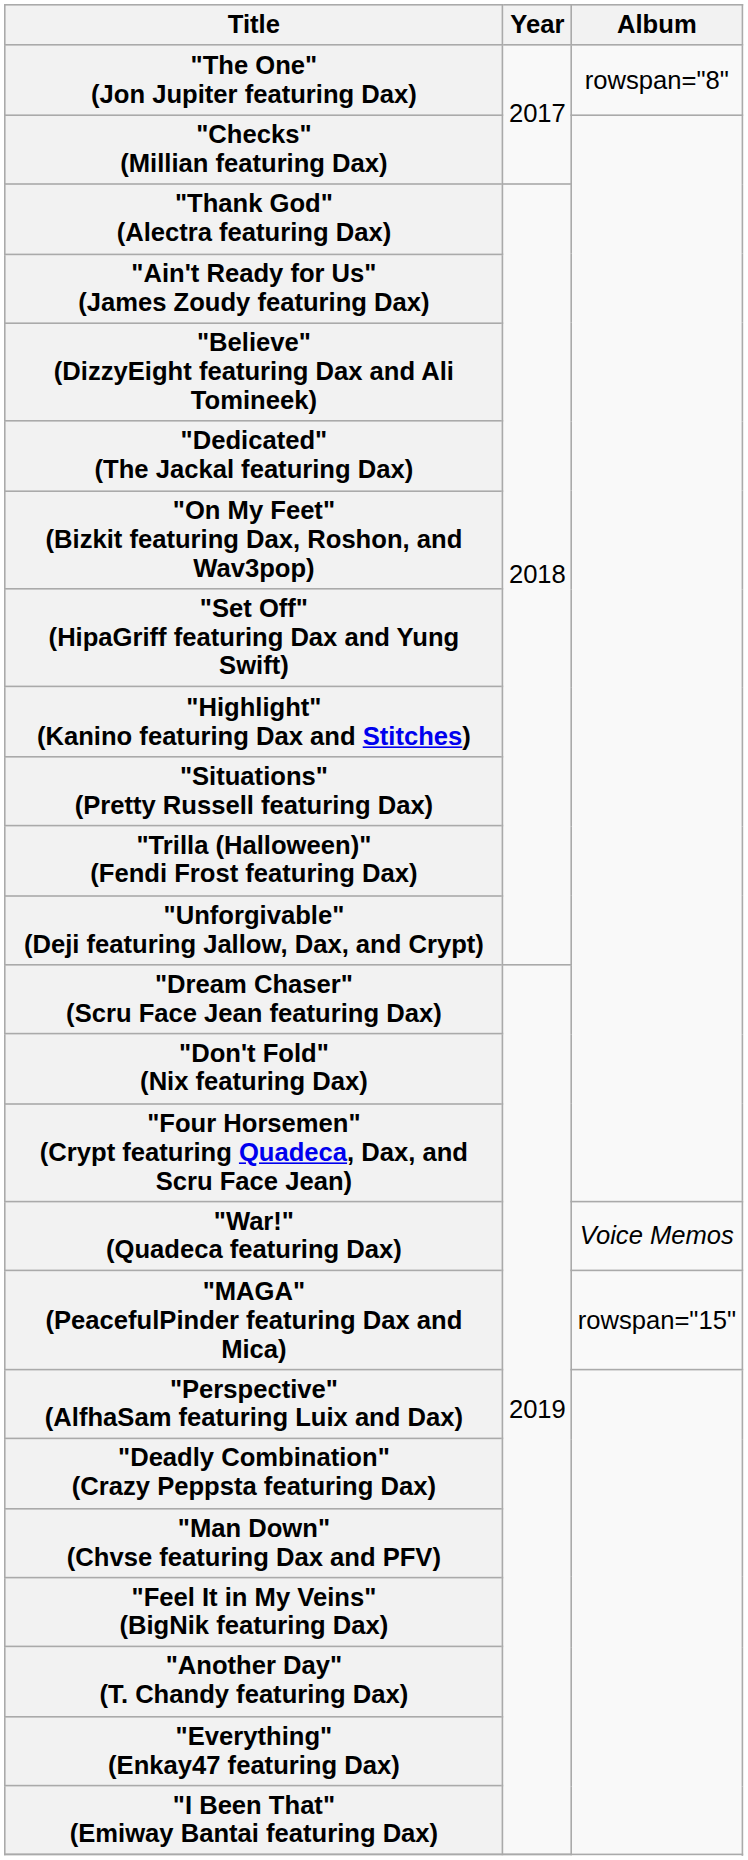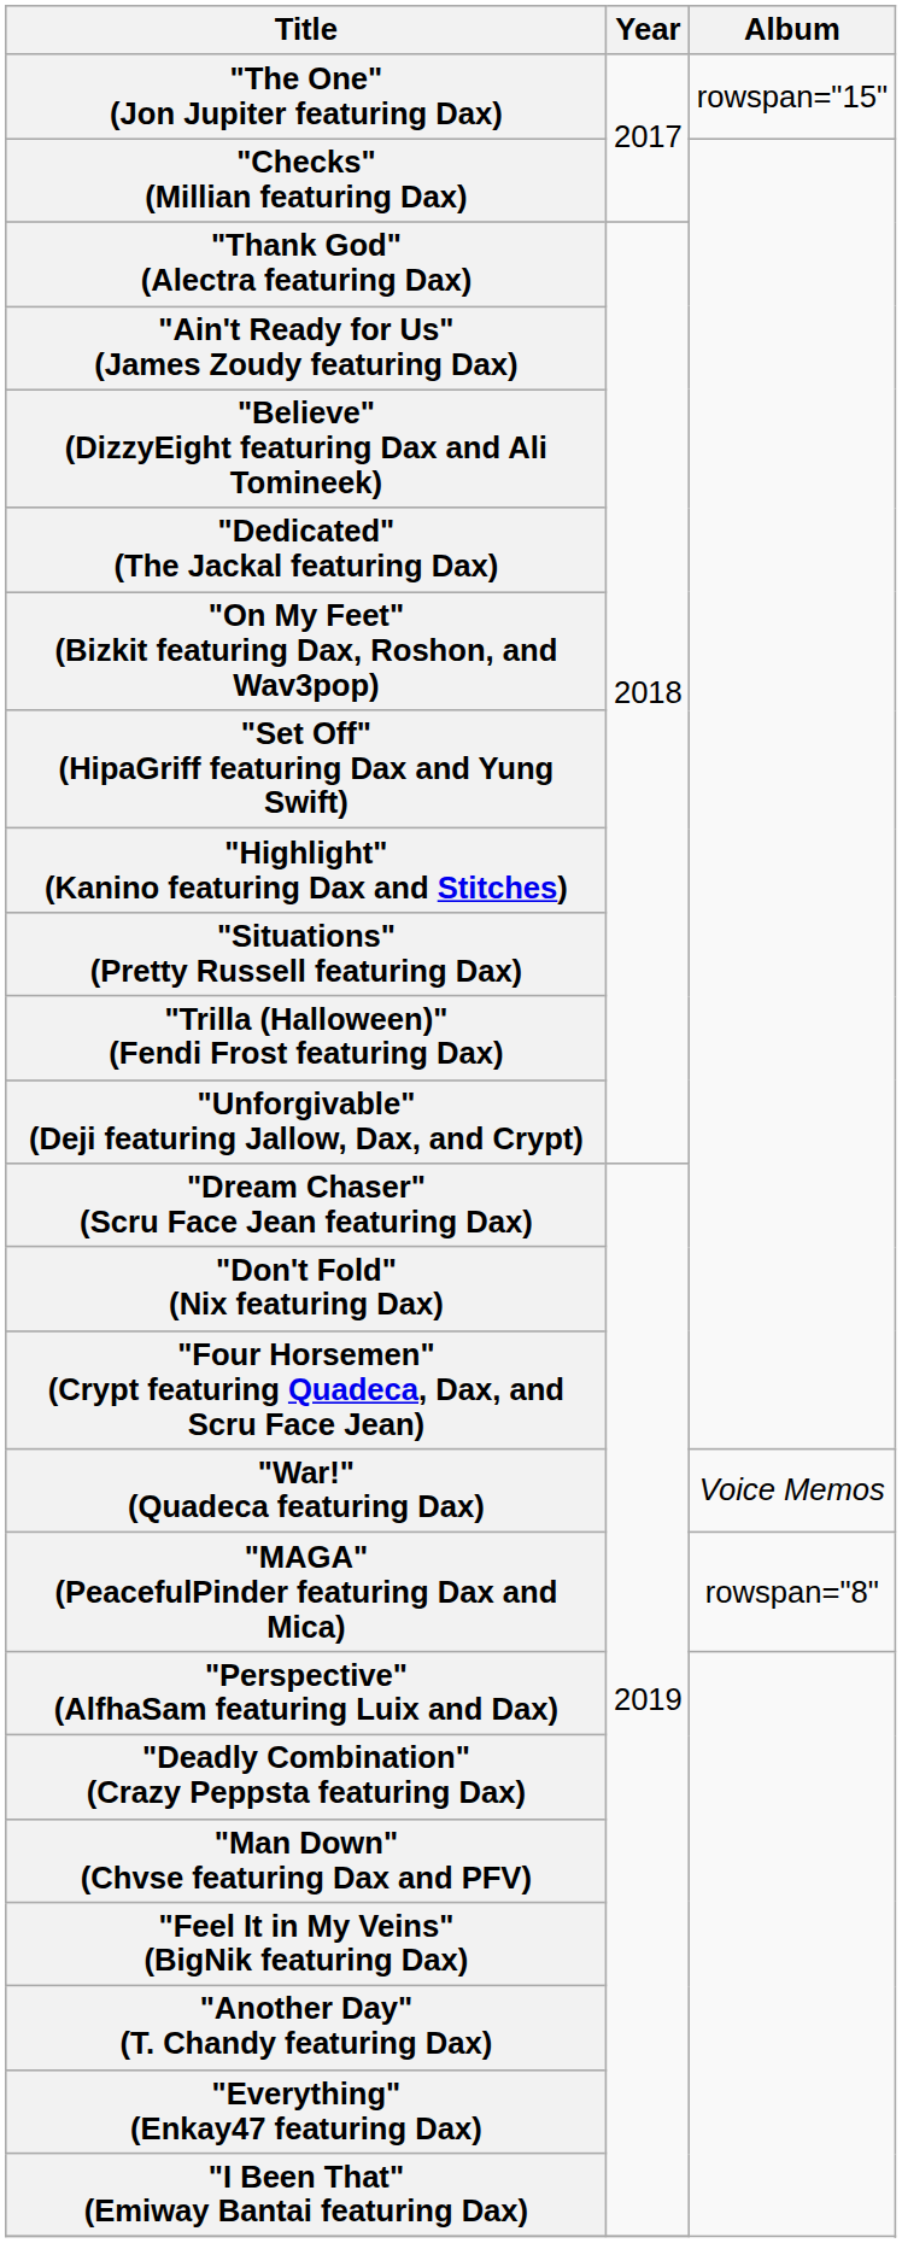 <table class="wikitable plainrowheaders" style="text-align:center;">
 <tr>
 <th scope="col" style="width:19em;">Title</th>
 <th scope="col">Year</th>
 <th scope="col">Album</th>
 </tr>
 <tr>
 <th scope="row">"The One"<br><span>(Jon Jupiter featuring Dax)</span></th>
 <td rowspan="2">2017</td>
-<td>rowspan="8" </td>
+<td>rowspan="15" </td>
 </tr>
 <tr>
 <th scope="row">"Checks"<br><span>(Millian featuring Dax)</span></th>
 </tr>
 <tr>
 <th scope="row">"Thank God"<br><span>(Alectra featuring Dax)</span></th>
 <td rowspan="10">2018</td>
 </tr>
 <tr>
 <th scope="row">"Ain't Ready for Us"<br><span>(James Zoudy featuring Dax)</span></th>
 </tr>
 <tr>
 <th scope="row">"Believe"<br><span>(DizzyEight featuring Dax and Ali Tomineek)</span></th>
 </tr>
 <tr>
 <th scope="row">"Dedicated"<br><span>(The Jackal featuring Dax)</span></th>
 </tr>
 <tr>
 <th scope="row">"On My Feet"<br><span>(Bizkit featuring Dax, Roshon, and Wav3pop)</span></th>
 </tr>
 <tr>
 <th scope="row">"Set Off"<br><span>(HipaGriff featuring Dax and Yung Swift)</span></th>
 </tr>
 <tr>
 <th scope="row">"Highlight"<br><span>(Kanino featuring Dax and <a href='#'>Stitches</a>)</span></th>
 </tr>
 <tr>
 <th scope="row">"Situations"<br><span>(Pretty Russell featuring Dax)</span></th>
 </tr>
 <tr>
 <th scope="row">"Trilla (Halloween)"<br><span>(Fendi Frost featuring Dax)</span></th>
 </tr>
 <tr>
 <th scope="row">"Unforgivable"<br><span>(Deji featuring Jallow, Dax, and Crypt)</span></th>
 </tr>
 <tr>
 <th scope="row">"Dream Chaser"<br><span>(Scru Face Jean featuring Dax)</span></th>
 <td rowspan="12">2019</td>
 </tr>
 <tr>
 <th scope="row">"Don't Fold"<br><span>(Nix featuring Dax)</span></th>
 </tr>
 <tr>
 <th scope="row">"Four Horsemen"<br><span>(Crypt featuring <a href='#'>Quadeca</a>, Dax, and Scru Face Jean)</span></th>
 </tr>
 <tr>
 <th scope="row">"War!"<br><span>(Quadeca featuring Dax)</span></th>
 <td><em>Voice Memos</em></td>
 </tr>
 <tr>
 <th scope="row">"MAGA"<br><span>(PeacefulPinder featuring Dax and Mica)</span></th>
-<td>rowspan="15" </td>
+<td>rowspan="8" </td>
 </tr>
 <tr>
 <th scope="row">"Perspective"<br><span>(AlfhaSam featuring Luix and Dax)</span></th>
 </tr>
 <tr>
 <th scope="row">"Deadly Combination"<br><span>(Crazy Peppsta featuring Dax)</span></th>
 </tr>
 <tr>
 <th scope="row">"Man Down"<br><span>(Chvse featuring Dax and PFV)</span></th>
 </tr>
 <tr>
 <th scope="row">"Feel It in My Veins"<br><span>(BigNik featuring Dax)</span></th>
 </tr>
 <tr>
 <th scope="row">"Another Day"<br><span>(T. Chandy featuring Dax)</span></th>
 </tr>
 <tr>
 <th scope="row">"Everything"<br><span>(Enkay47 featuring Dax)</span></th>
 </tr>
 <tr>
 <th scope="row">"I Been That"<br><span>(Emiway Bantai featuring Dax)</span></th>
 </tr>
 <tr>
 </tr>
 </table>
